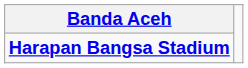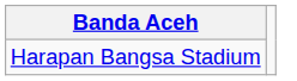 <table class="wikitable">
 <tr>
 <th><a href='#'>Banda Aceh</a></th>
 <td rowspan="2"><br></td>
 </tr>
 <tr>
-<td><strong><a href='#'>Harapan Bangsa Stadium</a></strong></td>
+<td><a href='#'>Harapan Bangsa Stadium</a></td>
 </tr>
 </table>
